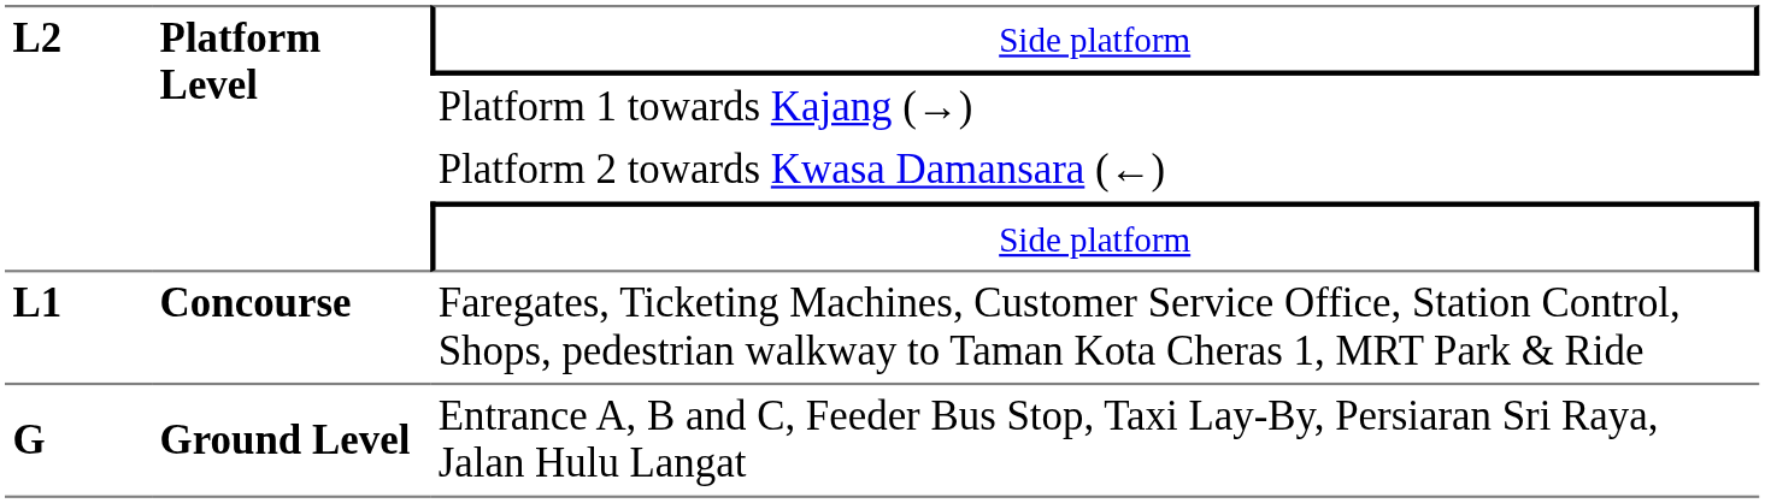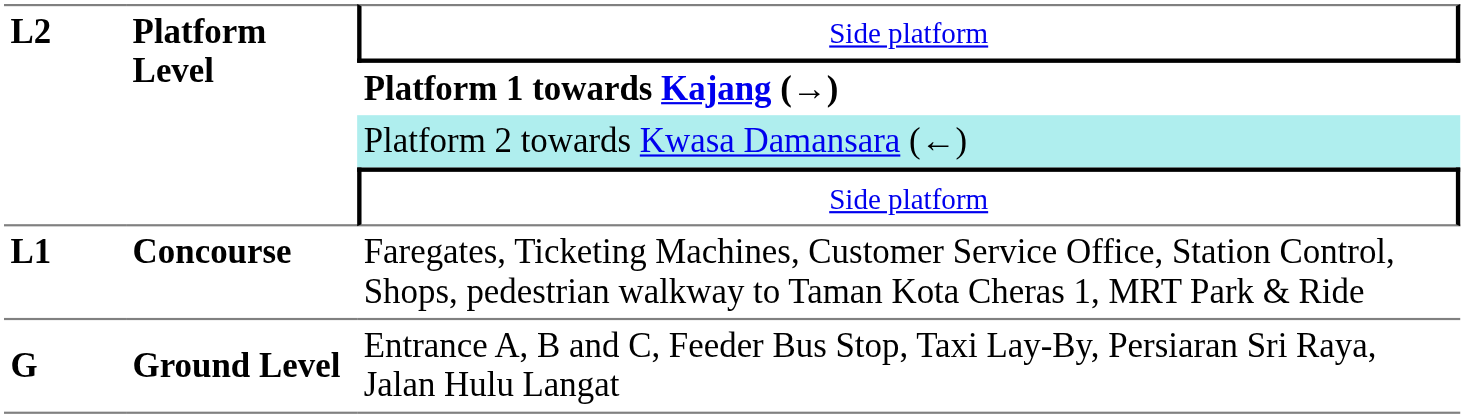 <table table border=0 cellspacing=0 cellpadding=3>
 <tr>
 <td style="border-top:solid 1px gray;border-bottom:solid 1px gray;" rowspan=4 width=50 valign=top><strong>L2</strong></td>
 <td style="border-top:solid 1px gray;border-bottom:solid 1px gray;" rowspan=4 width=100 valign=top><strong>Platform Level</strong></td>
 <td style="width=500;border-top:solid 1px gray;border-right:solid 2px black;border-left:solid 2px black;border-bottom:solid 2px black;text-align:center;" colspan=1><small><a href='#'>Side platform</a></small></td>
 </tr>
 <tr>
-<td width=500>Platform 1   towards <a href='#'>Kajang</a>  (→)</td>
+<td width=500><strong>Platform 1   towards <a href='#'>Kajang</a>  (→)</strong></td>
 </tr>
 <tr>
-<td width=500>Platform 2   towards <a href='#'>Kwasa Damansara</a>  (←)</td>
+<td width=500 style="background: paleturquoise;">Platform 2   towards <a href='#'>Kwasa Damansara</a>  (←)</td>
 </tr>
 <tr>
 <td style="width=500;border-top:solid 2px black;border-right:solid 2px black;border-left:solid 2px black;border-bottom:solid 1px gray;text-align:center;" colspan=1><small><a href='#'>Side platform</a></small></td>
 </tr>
 <tr style="vertical-align:top;">
 <td style="border-bottom:solid 1px gray; "><strong>L1</strong></td>
 <td style="border-bottom:solid 1px gray; "><strong>Concourse</strong></td>
 <td style="border-bottom:solid 1px gray; " width=500>Faregates, Ticketing Machines, Customer Service Office, Station Control, Shops, pedestrian walkway to Taman Kota Cheras 1, MRT Park & Ride</td>
 </tr>
 <tr>
 <td style="border-bottom:solid 1px gray; "><strong>G</strong></td>
 <td style="border-bottom:solid 1px gray; "><strong>Ground Level</strong></td>
 <td style="border-bottom:solid 1px gray; ">Entrance A, B and C, Feeder Bus Stop, Taxi Lay-By, Persiaran Sri Raya, Jalan Hulu Langat</td>
 </tr>
 </table>
